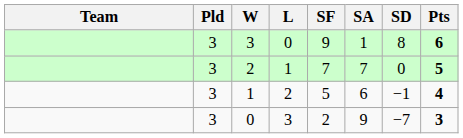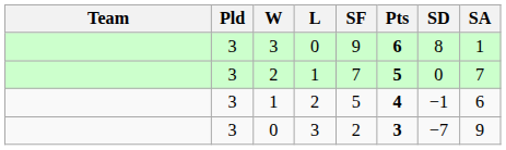 <table class="wikitable" style="text-align: center;">
 <tr>
 <th width=180>Team</th>
 <th width=30>Pld</th>
 <th width=30>W</th>
 <th width=30>L</th>
 <th width=30>SF</th>
+<th width=30>Pts</th>
+<th width=30>SD</th>
 <th width=30>SA</th>
-<th width=30>SD</th>
-<th width=30>Pts</th>
 </tr>
 <tr bgcolor=#CCFFCC>
 <td style="text-align:left;"></td>
 <td>3</td>
 <td>3</td>
 <td>0</td>
 <td>9</td>
+<td><strong>6</strong></td>
+<td>8</td>
 <td>1</td>
-<td>8</td>
-<td><strong>6</strong></td>
 </tr>
 <tr bgcolor=#CCFFCC>
 <td style="text-align:left;"></td>
 <td>3</td>
 <td>2</td>
 <td>1</td>
 <td>7</td>
+<td><strong>5</strong></td>
+<td>0</td>
 <td>7</td>
-<td>0</td>
-<td><strong>5</strong></td>
 </tr>
 <tr>
 <td style="text-align:left;"></td>
 <td>3</td>
 <td>1</td>
 <td>2</td>
 <td>5</td>
+<td><strong>4</strong></td>
+<td>−1</td>
 <td>6</td>
-<td>−1</td>
-<td><strong>4</strong></td>
 </tr>
 <tr>
 <td style="text-align:left;"></td>
 <td>3</td>
 <td>0</td>
 <td>3</td>
 <td>2</td>
+<td><strong>3</strong></td>
+<td>−7</td>
 <td>9</td>
-<td>−7</td>
-<td><strong>3</strong></td>
 </tr>
 </table>
